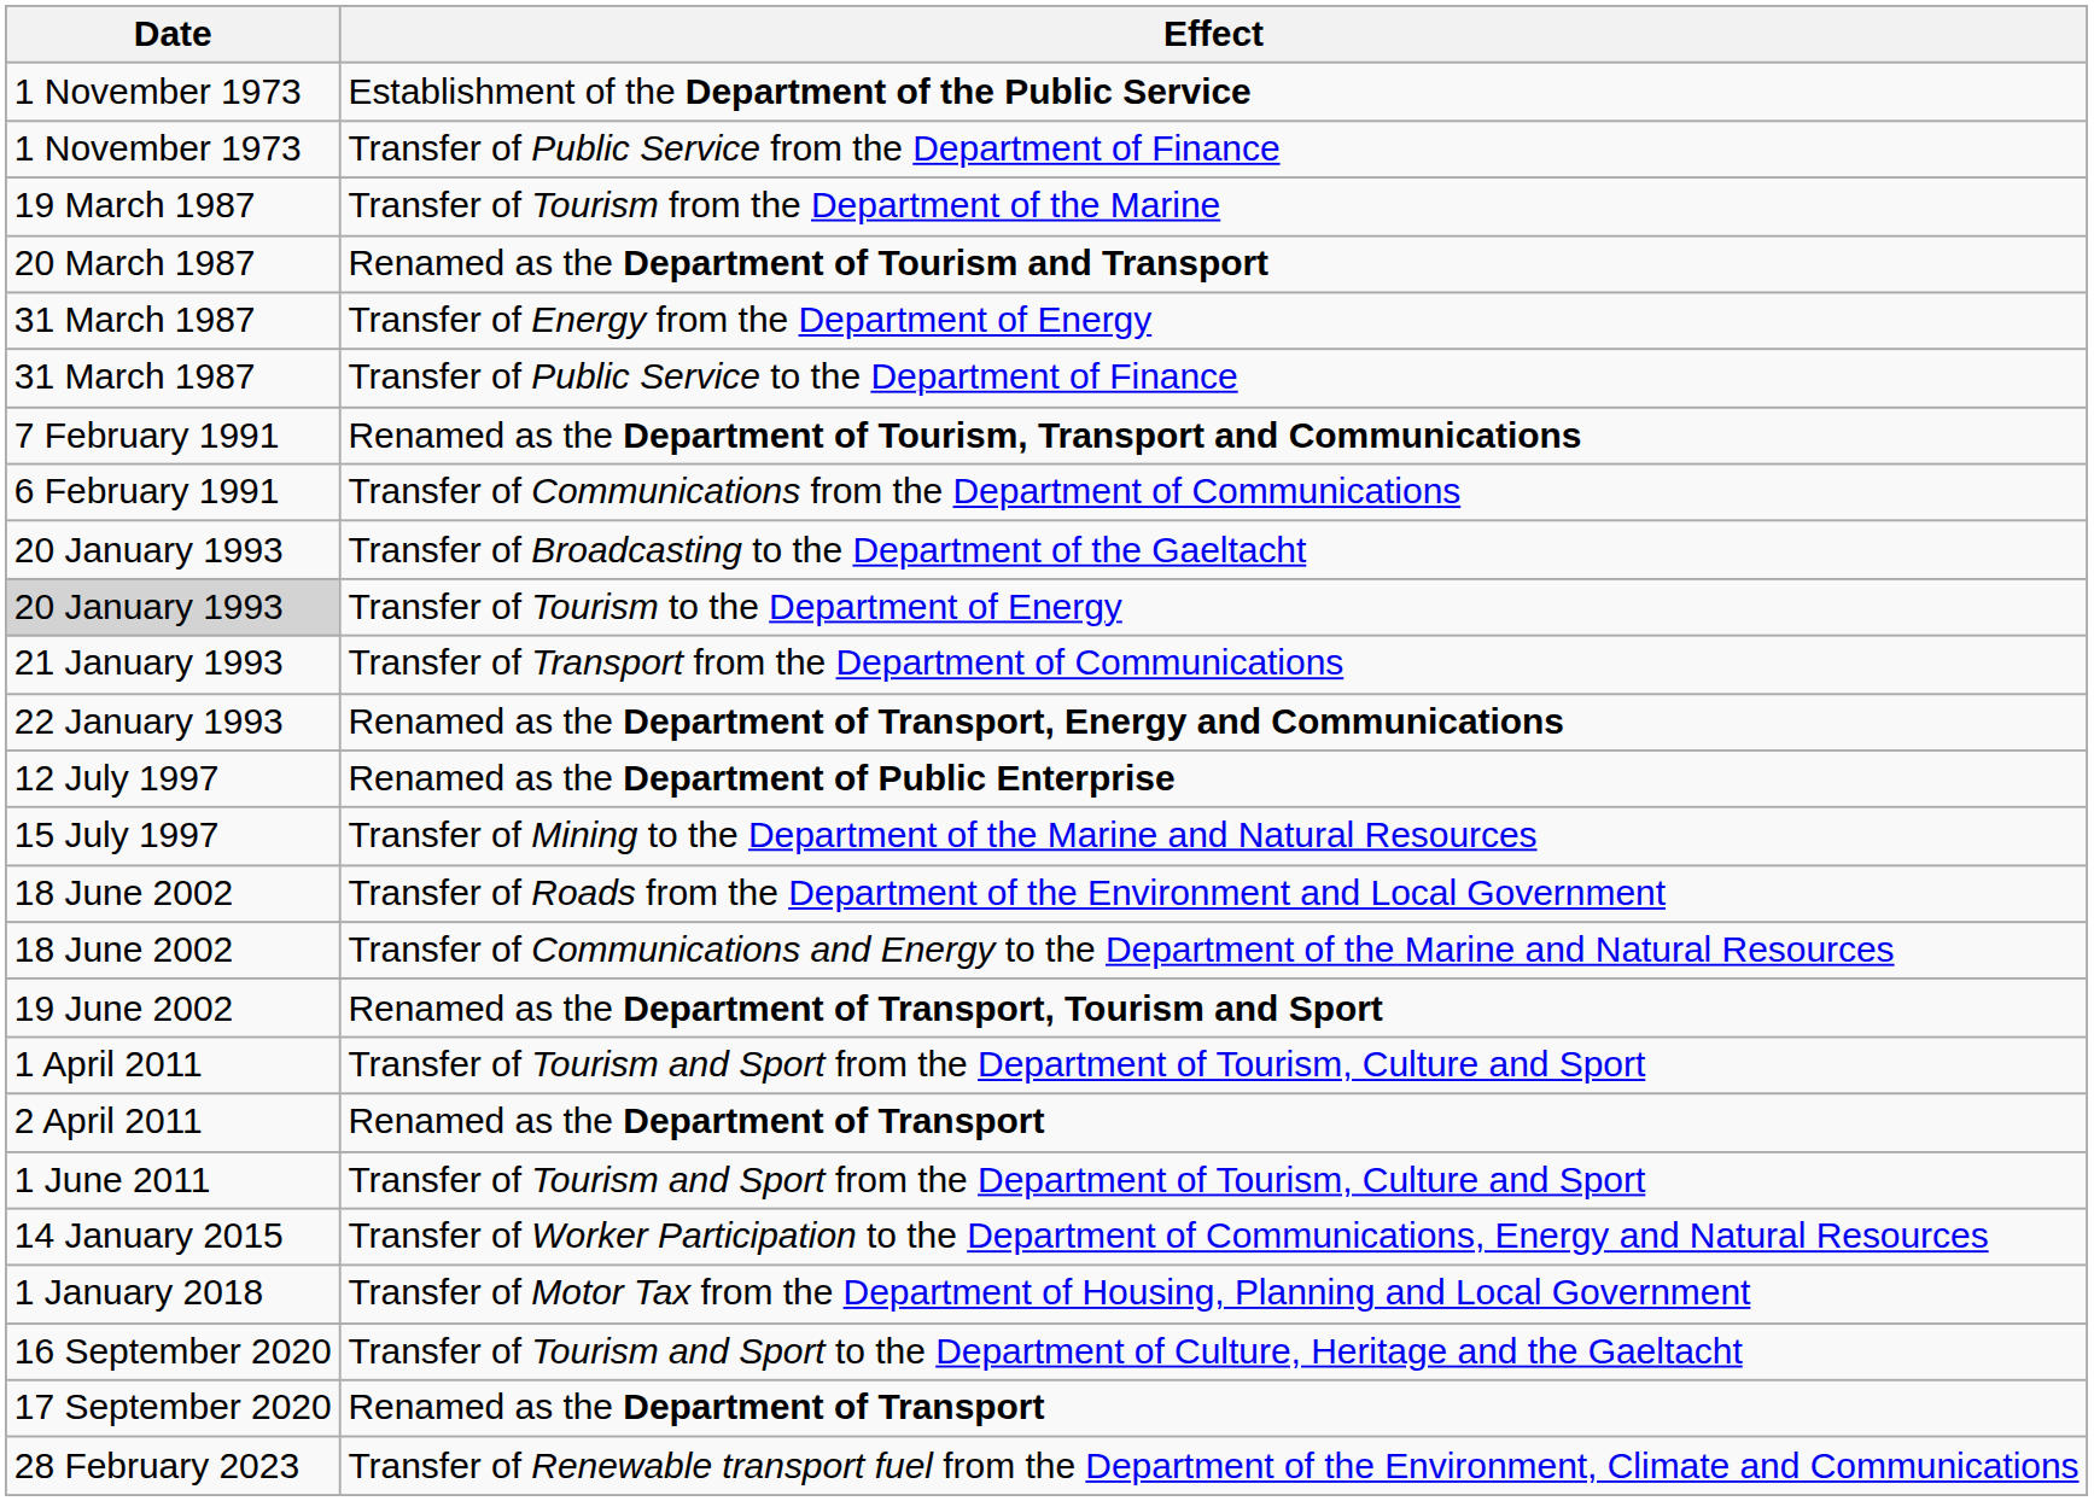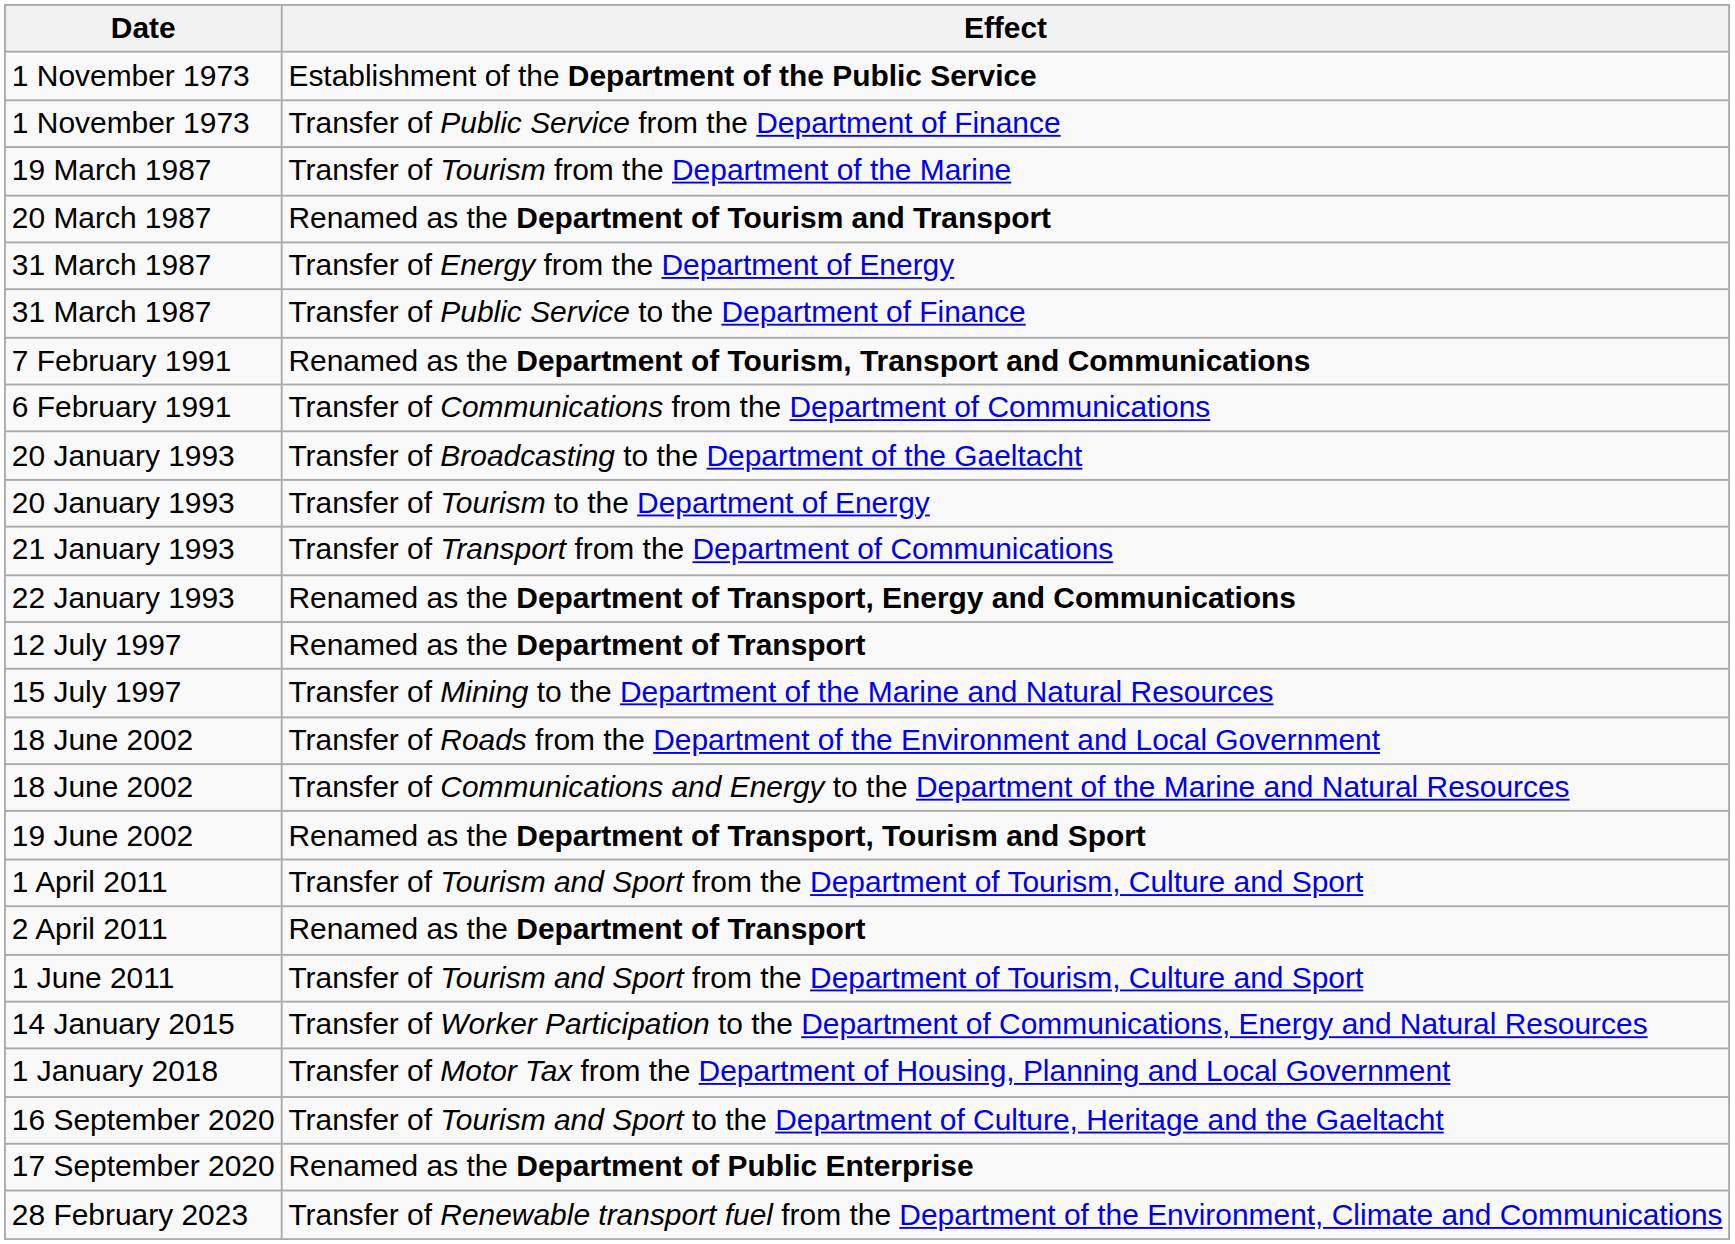 <table class=wikitable>
 <tr>
 <th>Date</th>
 <th>Effect</th>
 </tr>
 <tr>
 <td>1 November 1973</td>
 <td>Establishment of the <strong>Department of the Public Service</strong></td>
 </tr>
 <tr>
 <td>1 November 1973</td>
 <td>Transfer of <em>Public Service</em> from the <a href='#'>Department of Finance</a></td>
 </tr>
 <tr>
 <td>19 March 1987</td>
 <td>Transfer of <em>Tourism</em> from the <a href='#'>Department of the Marine</a></td>
 </tr>
 <tr>
 <td>20 March 1987</td>
 <td>Renamed as the <strong>Department of Tourism and Transport</strong></td>
 </tr>
 <tr>
 <td>31 March 1987</td>
 <td>Transfer of <em>Energy</em> from the <a href='#'>Department of Energy</a></td>
 </tr>
 <tr>
 <td>31 March 1987</td>
 <td>Transfer of <em>Public Service</em> to the <a href='#'>Department of Finance</a></td>
 </tr>
 <tr>
 <td>7 February 1991</td>
 <td>Renamed as the <strong>Department of Tourism, Transport and Communications</strong></td>
 </tr>
 <tr>
 <td>6 February 1991</td>
 <td>Transfer of <em>Communications</em> from the <a href='#'>Department of Communications</a></td>
 </tr>
 <tr>
 <td>20 January 1993</td>
 <td>Transfer of <em>Broadcasting</em> to the <a href='#'>Department of the Gaeltacht</a></td>
 </tr>
 <tr>
-<td style="background: lightgrey;">20 January 1993</td>
+<td>20 January 1993</td>
 <td>Transfer of <em>Tourism</em> to the <a href='#'>Department of Energy</a></td>
 </tr>
 <tr>
 <td>21 January 1993</td>
 <td>Transfer of <em>Transport</em> from the <a href='#'>Department of Communications</a></td>
 </tr>
 <tr>
 <td>22 January 1993</td>
 <td>Renamed as the <strong>Department of Transport, Energy and Communications</strong></td>
 </tr>
 <tr>
 <td>12 July 1997</td>
-<td>Renamed as the <strong>Department of Public Enterprise</strong></td>
+<td>Renamed as the <strong>Department of Transport</strong></td>
 </tr>
 <tr>
 <td>15 July 1997</td>
 <td>Transfer of <em>Mining</em> to the <a href='#'>Department of the Marine and Natural Resources</a></td>
 </tr>
 <tr>
 <td>18 June 2002</td>
 <td>Transfer of <em>Roads</em> from the <a href='#'>Department of the Environment and Local Government</a></td>
 </tr>
 <tr>
 <td>18 June 2002</td>
 <td>Transfer of <em>Communications and Energy</em> to the <a href='#'>Department of the Marine and Natural Resources</a></td>
 </tr>
 <tr>
 <td>19 June 2002</td>
 <td>Renamed as the <strong>Department of Transport, Tourism and Sport</strong></td>
 </tr>
 <tr>
 <td>1 April 2011</td>
 <td>Transfer of <em>Tourism and Sport</em> from the <a href='#'>Department of Tourism, Culture and Sport</a></td>
 </tr>
 <tr>
 <td>2 April 2011</td>
 <td>Renamed as the <strong>Department of Transport</strong></td>
 </tr>
 <tr>
 <td>1 June 2011</td>
 <td>Transfer of <em>Tourism and Sport</em> from the <a href='#'>Department of Tourism, Culture and Sport</a></td>
 </tr>
 <tr>
 <td>14 January 2015</td>
 <td>Transfer of <em>Worker Participation</em> to the <a href='#'>Department of Communications, Energy and Natural Resources</a></td>
 </tr>
 <tr>
 <td>1 January 2018</td>
 <td>Transfer of <em>Motor Tax</em> from the <a href='#'>Department of Housing, Planning and Local Government</a></td>
 </tr>
 <tr>
 <td>16 September 2020</td>
 <td>Transfer of <em>Tourism and Sport</em> to the <a href='#'>Department of Culture, Heritage and the Gaeltacht</a></td>
 </tr>
 <tr>
 <td>17 September 2020</td>
-<td>Renamed as the <strong>Department of Transport</strong></td>
+<td>Renamed as the <strong>Department of Public Enterprise</strong></td>
 </tr>
 <tr>
 <td>28 February 2023</td>
 <td>Transfer of <em>Renewable transport fuel</em> from the <a href='#'>Department of the Environment, Climate and Communications</a></td>
 </tr>
 </table>
